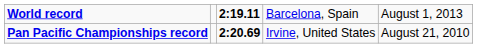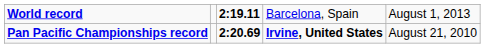 <table class="wikitable">
 <tr>
 <td><strong><a href='#'>World record</a></strong></td>
 <td></td>
 <td><strong>2:19.11</strong></td>
 <td><a href='#'>Barcelona</a>, Spain</td>
 <td>August 1, 2013</td>
 </tr>
 <tr>
 <td><strong><a href='#'>Pan Pacific Championships record</a></strong></td>
 <td></td>
 <td><strong>2:20.69</strong></td>
-<td><a href='#'>Irvine</a>, United States</td>
+<td><strong><a href='#'>Irvine</a>, United States</strong></td>
 <td>August 21, 2010</td>
 </tr>
 </table>
